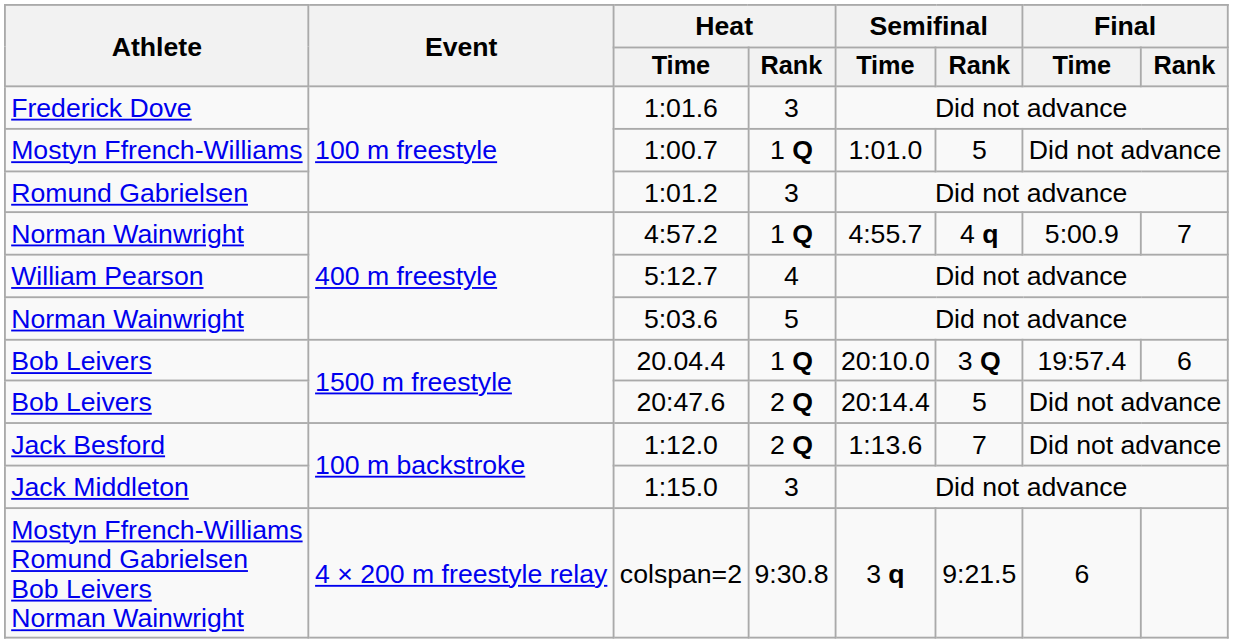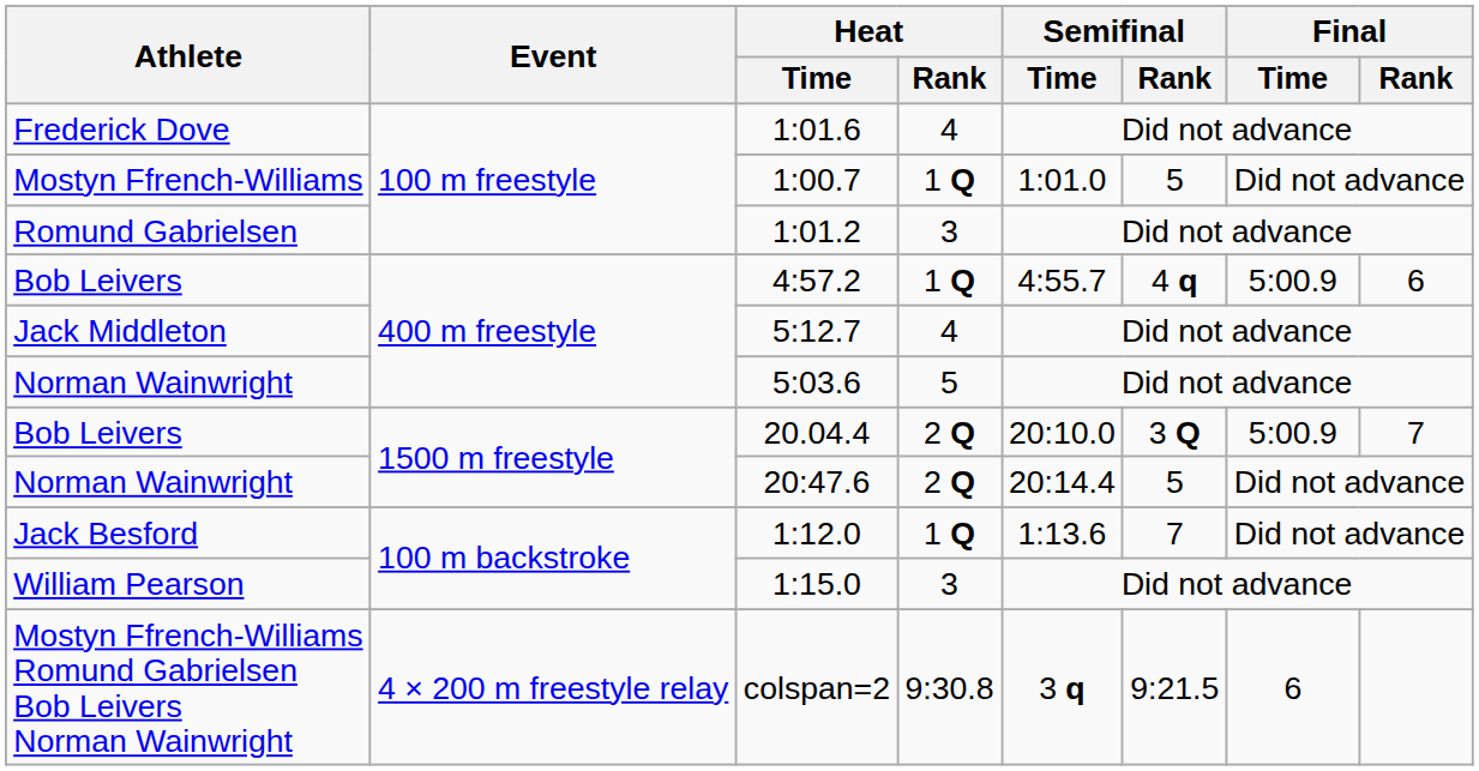 <table class=wikitable style="font-size:90%;">
 <tr>
 <th rowspan=2>Athlete</th>
 <th rowspan=2>Event</th>
 <th colspan=2>Heat</th>
 <th colspan=2>Semifinal</th>
 <th colspan=2>Final</th>
 </tr>
 <tr style="font-size:95%">
 <th>Time</th>
 <th>Rank</th>
 <th>Time</th>
 <th>Rank</th>
 <th>Time</th>
 <th>Rank</th>
 </tr>
 <tr align=center>
 <td align=left><a href='#'>Frederick Dove</a></td>
 <td rowspan=3 align=left><a href='#'>100 m freestyle</a></td>
 <td>1:01.6</td>
-<td>3</td>
+<td>4</td>
 <td colspan=4>Did not advance</td>
 </tr>
 <tr align=center>
 <td align=left><a href='#'>Mostyn Ffrench-Williams</a></td>
 <td>1:00.7</td>
 <td>1 <strong>Q</strong></td>
 <td>1:01.0</td>
 <td>5</td>
 <td colspan=2>Did not advance</td>
 </tr>
 <tr align=center>
 <td align=left><a href='#'>Romund Gabrielsen</a></td>
 <td>1:01.2</td>
 <td>3</td>
 <td colspan=4>Did not advance</td>
 </tr>
 <tr align=center>
-<td align=left><a href='#'>Norman Wainwright</a></td>
+<td align=left><a href='#'>Bob Leivers</a></td>
 <td rowspan=3 align=left><a href='#'>400 m freestyle</a></td>
 <td>4:57.2</td>
 <td>1 <strong>Q</strong></td>
 <td>4:55.7</td>
 <td>4 <strong>q</strong></td>
 <td>5:00.9</td>
-<td>7</td>
+<td>6</td>
 </tr>
 <tr align=center>
-<td align=left><a href='#'>William Pearson</a></td>
+<td align=left><a href='#'>Jack Middleton</a></td>
 <td>5:12.7</td>
 <td>4</td>
 <td colspan=4>Did not advance</td>
 </tr>
 <tr align=center>
 <td align=left><a href='#'>Norman Wainwright</a></td>
 <td>5:03.6</td>
 <td>5</td>
 <td colspan=4>Did not advance</td>
 </tr>
 <tr align=center>
 <td align=left><a href='#'>Bob Leivers</a></td>
 <td rowspan=2 align=left><a href='#'>1500 m freestyle</a></td>
 <td>20.04.4</td>
-<td>1 <strong>Q</strong></td>
+<td>2 <strong>Q</strong></td>
 <td>20:10.0</td>
 <td>3 <strong>Q</strong></td>
-<td>19:57.4</td>
-<td>6</td>
+<td>5:00.9</td>
+<td>7</td>
 </tr>
 <tr align=center>
-<td align=left><a href='#'>Bob Leivers</a></td>
+<td align=left><a href='#'>Norman Wainwright</a></td>
 <td>20:47.6</td>
 <td>2 <strong>Q</strong></td>
 <td>20:14.4</td>
 <td>5</td>
 <td colspan=2>Did not advance</td>
 </tr>
 <tr align=center>
 <td align=left><a href='#'>Jack Besford</a></td>
 <td rowspan=2 align=left><a href='#'>100 m backstroke</a></td>
 <td>1:12.0</td>
-<td>2 <strong>Q</strong></td>
+<td>1 <strong>Q</strong></td>
 <td>1:13.6</td>
 <td>7</td>
 <td colspan=2>Did not advance</td>
 </tr>
 <tr align=center>
-<td align=left><a href='#'>Jack Middleton</a></td>
+<td align=left><a href='#'>William Pearson</a></td>
 <td>1:15.0</td>
 <td>3</td>
 <td colspan=4>Did not advance</td>
 </tr>
 <tr align=center>
 <td align=left><a href='#'>Mostyn Ffrench-Williams</a><br><a href='#'>Romund Gabrielsen</a><br><a href='#'>Bob Leivers</a><br><a href='#'>Norman Wainwright</a></td>
 <td align=left><a href='#'>4 × 200 m freestyle relay</a></td>
 <td>colspan=2 </td>
 <td>9:30.8</td>
 <td>3 <strong>q</strong></td>
 <td>9:21.5</td>
 <td>6</td>
 </tr>
 </table>
